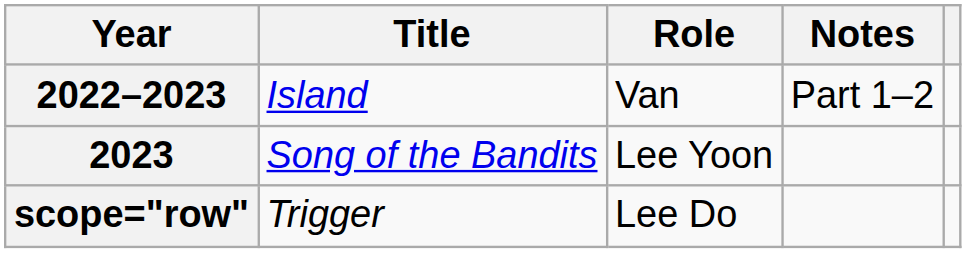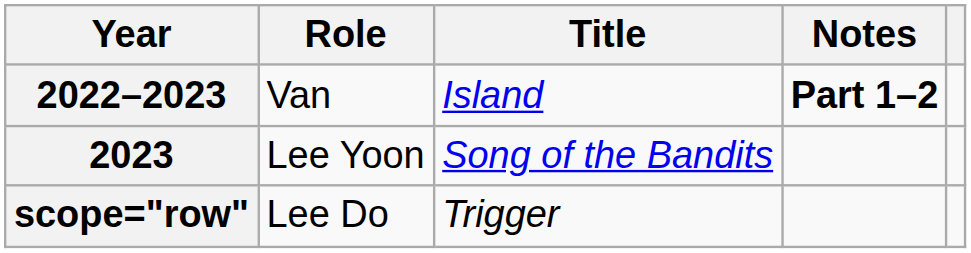 <table class="wikitable plainrowheaders sortable">
 <tr>
 <th scope="col">Year</th>
+<th scope="col">Role</th>
 <th scope="col">Title</th>
-<th scope="col">Role</th>
 <th scope="col">Notes</th>
 <th scope="col" class="unsortable"></th>
 </tr>
 <tr>
 <th scope="row">2022–2023</th>
+<td>Van</td>
 <td><em><a href='#'>Island</a></em></td>
-<td>Van</td>
-<td>Part 1–2</td>
+<td><strong>Part 1–2</strong></td>
 <td style="text-align:center"></td>
 </tr>
 <tr>
 <th scope="row">2023</th>
+<td>Lee Yoon</td>
 <td><em><a href='#'>Song of the Bandits</a></em></td>
-<td>Lee Yoon</td>
 <td></td>
 <td style="text-align:center"></td>
 </tr>
 <tr>
 <th>scope="row" </th>
+<td>Lee Do</td>
 <td><em>Trigger</em></td>
-<td>Lee Do</td>
 <td></td>
 <td style="text-align:center"></td>
 </tr>
 </table>
